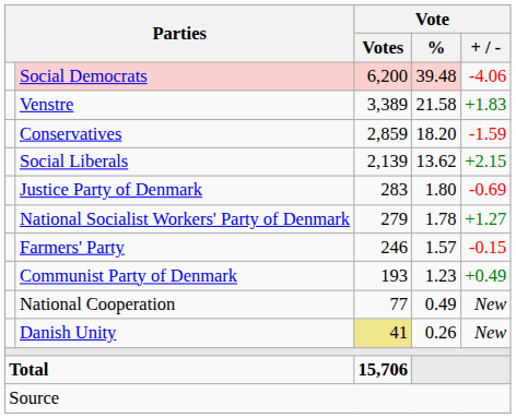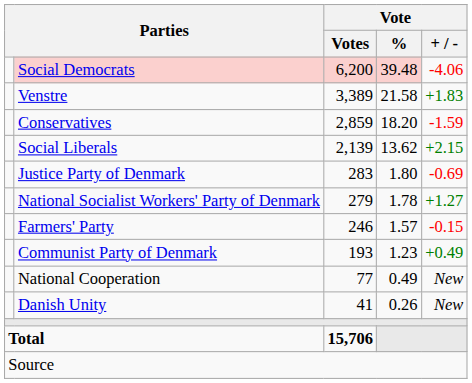 <table class="wikitable" style="text-align:right;">
 <tr>
 <th style="text-align:centre;" rowspan="2" colspan="2" width="225">Parties</th>
 <th colspan="3">Vote</th>
 </tr>
 <tr>
 <th width="15">Votes</th>
 <th width="15">%</th>
 <th width="15">+ / -</th>
 </tr>
 <tr>
 <td width="2" style="color:inherit;background:"></td>
 <td bgcolor=#fbd0ce  align="left"><a href='#'>Social Democrats</a></td>
 <td bgcolor=#fbd0ce>6,200</td>
 <td bgcolor=#fbd0ce>39.48</td>
 <td style=color:red;>-4.06</td>
 </tr>
 <tr>
 <td width="2" style="color:inherit;background:"></td>
 <td align="left"><a href='#'>Venstre</a></td>
 <td>3,389</td>
 <td>21.58</td>
 <td style=color:green;>+1.83</td>
 </tr>
 <tr>
 <td width="2" style="color:inherit;background:"></td>
 <td align="left"><a href='#'>Conservatives</a></td>
 <td>2,859</td>
 <td>18.20</td>
 <td style=color:red;>-1.59</td>
 </tr>
 <tr>
 <td width="2" style="color:inherit;background:"></td>
 <td align="left"><a href='#'>Social Liberals</a></td>
 <td>2,139</td>
 <td>13.62</td>
 <td style=color:green;>+2.15</td>
 </tr>
 <tr>
 <td width="2" style="color:inherit;background:"></td>
 <td align="left"><a href='#'>Justice Party of Denmark</a></td>
 <td>283</td>
 <td>1.80</td>
 <td style=color:red;>-0.69</td>
 </tr>
 <tr>
 <td width="2" style="color:inherit;background:"></td>
 <td align="left"><a href='#'>National Socialist Workers' Party of Denmark</a></td>
 <td>279</td>
 <td>1.78</td>
 <td style=color:green;>+1.27</td>
 </tr>
 <tr>
 <td width="2" style="color:inherit;background:"></td>
 <td align="left"><a href='#'>Farmers' Party</a></td>
 <td>246</td>
 <td>1.57</td>
 <td style=color:red;>-0.15</td>
 </tr>
 <tr>
 <td width="2" style="color:inherit;background:"></td>
 <td align="left"><a href='#'>Communist Party of Denmark</a></td>
 <td>193</td>
 <td>1.23</td>
 <td style=color:green;>+0.49</td>
 </tr>
 <tr>
 <td width="2" style="color:inherit;background:"></td>
 <td align="left">National Cooperation</td>
 <td>77</td>
 <td>0.49</td>
 <td><em>New</em></td>
 </tr>
 <tr>
 <td width="2" style="color:inherit;background:"></td>
 <td align="left"><a href='#'>Danish Unity</a></td>
-<td style="background: khaki;">41</td>
+<td>41</td>
 <td>0.26</td>
 <td><em>New</em></td>
 </tr>
 <tr>
 <td colspan="7" bgcolor="#E9E9E9"></td>
 </tr>
 <tr>
 <td align="left" colspan="2"><strong>Total</strong></td>
 <td><strong>15,706</strong></td>
 <td bgcolor="#E9E9E9" colspan="2"></td>
 </tr>
 <tr>
 <td align="left" colspan="6">Source</td>
 </tr>
 </table>
